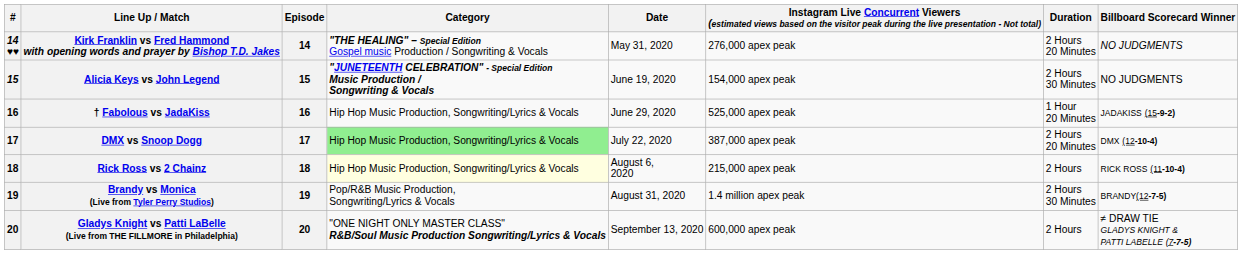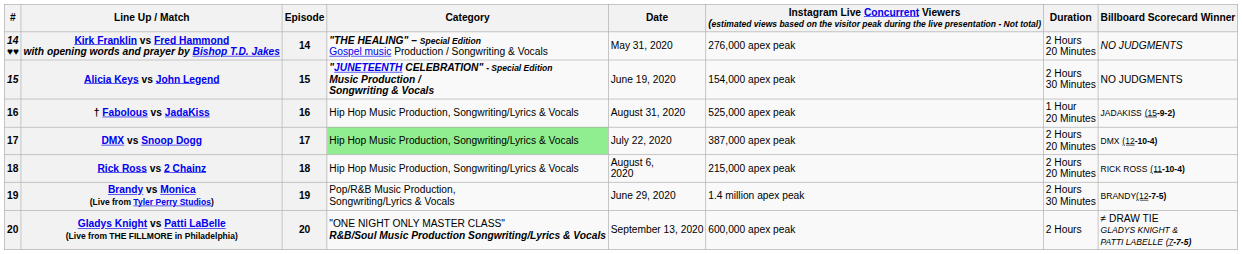 <table class="wikitable">
 <tr>
 <th>#</th>
 <th>Line Up / Match</th>
 <th>Episode</th>
 <th>Category</th>
 <th>Date</th>
 <th>Instagram Live <a href='#'>Concurrent</a> Viewers<br><em>(<small>estimated views based on the visitor peak during the live presentation - Not total)</small></em></th>
 <th>Duration</th>
 <th>Billboard Scorecard Winner</th>
 </tr>
 <tr>
 <th><strong><em>14</em></strong><br>♥♥</th>
 <th><a href='#'>Kirk Franklin</a> vs <a href='#'>Fred Hammond</a><br><em>with opening words and prayer by <a href='#'>Bishop T.D. Jakes</a></em></th>
 <th>14</th>
 <td><strong><em>"THE HEALING" – <small>Special Edition</small></em></strong><br><a href='#'>Gospel music</a> Production / Songwriting & Vocals</td>
 <td>May 31, 2020</td>
 <td>276,000 apex peak</td>
 <td>2 Hours<br>20 Minutes</td>
 <td><em>NO JUDGMENTS</em></td>
 </tr>
 <tr>
 <th><strong><em>15</em></strong></th>
 <th><a href='#'>Alicia Keys</a> vs <a href='#'>John Legend</a></th>
 <th>15</th>
 <td><strong><em>"<a href='#'>JUNETEENTH</a> CELEBRATION"<strong> <small>- </strong>Special Edition<strong></small><em><br>Music Production /<br>Songwriting & Vocals</td>
 <td>June 19, 2020</td>
 <td>154,000 apex peak</td>
 <td>2 Hours<br>30 Minutes</td>
 <td></em>NO JUDGMENTS<em></td>
 </tr>
 <tr>
 <th></em></strong>16<strong><em></th>
 <th>† <a href='#'>Fabolous</a> vs <a href='#'>JadaKiss</a></th>
 <th>16</th>
 <td>Hip Hop Music Production, Songwriting/Lyrics & Vocals</td>
-<td>June 29, 2020</td>
+<td>August 31, 2020</td>
 <td>525,000 apex peak</td>
 <td>1 Hour<br>20 Minutes</td>
 <td></strong><small>JADAKISS</small><strong> </strong><u><small>(15</small></u><strong><small>-9-2)</small></td>
 </tr>
 <tr>
 <th></em></strong>17<strong><em></th>
 <th><a href='#'>DMX</a> vs <a href='#'>Snoop Dogg</a></th>
 <th>17</th>
 <td style="background: lightgreen;">Hip Hop Music Production, Songwriting/Lyrics & Vocals</td>
 <td>July 22, 2020</td>
 <td>387,000 apex peak</td>
 <td>2 Hours<br>20 Minutes</td>
 <td></strong><small>DMX</small><strong> </strong><u><small>(12</small></u><strong><small>-10-4)</small></td>
 </tr>
 <tr>
 <th></em></strong>18<strong><em></th>
 <th><a href='#'>Rick Ross</a> vs <a href='#'>2 Chainz</a></th>
 <th>18</th>
-<td style="background: lightyellow;">Hip Hop Music Production, Songwriting/Lyrics & Vocals</td>
+<td>Hip Hop Music Production, Songwriting/Lyrics & Vocals</td>
 <td>August 6,<br>2020</td>
 <td>215,000 apex peak</td>
-<td>2 Hours</td>
+<td>2 Hours<br>20 Minutes</td>
 <td></strong><small>RICK ROSS</small><strong> </strong><u><small>(11</small></u><strong><small>-10-4)</small></td>
 </tr>
 <tr>
 <th></em></strong>19<strong><em></th>
 <th><a href='#'>Brandy</a> vs <a href='#'>Monica</a><br></em><small>(Live from <a href='#'>Tyler Perry Studios</a>)</small><em></th>
 <th>19</th>
 <td>Pop/R&B Music Production,<br>Songwriting/Lyrics & Vocals</td>
-<td>August 31, 2020</td>
+<td>June 29, 2020</td>
 <td>1.4 million apex peak</td>
 <td>2 Hours<br>30 Minutes</td>
 <td></strong><small>BRANDY</small><strong></strong><u><small>(12</small></u><strong><small>-7-5)</small></td>
 </tr>
 <tr>
 <th></em></strong>20<strong><em></th>
 <th><a href='#'>Gladys Knight</a> vs <a href='#'>Patti LaBelle</a><br></em><small>(Live from THE FILLMORE in Philadelphia)</small><em></th>
 <th>20</th>
 <td></em></strong>"ONE NIGHT ONLY MASTER CLASS"<strong><em><br>R&B/Soul Music Production Songwriting/Lyrics & Vocals</td>
 <td>September 13, 2020</td>
 <td>600,000 apex peak</td>
 <td>2 Hours</td>
 <td></em>≠ DRAW TIE<em><br></strong><small>GLADYS KNIGHT &</small><strong><br></strong><small>PATTI LABELLE</small><strong> </strong><u><small>(7</small></u><strong><small>-7-5)</small></td>
 </tr>
 </table>
